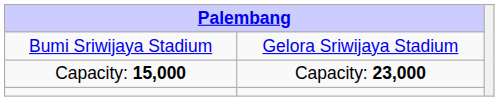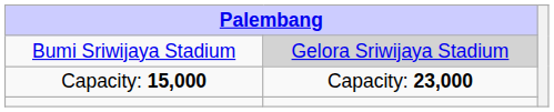 <table class="wikitable" style="text-align:center" width="450px">
 <tr>
 <th colspan=2 style = "background-color:#CCCCFF"> <a href='#'>Palembang</a></th>
 <th rowspan="4" text-align="center"></th>
 </tr>
 <tr>
 <td><a href='#'>Bumi Sriwijaya Stadium</a></td>
-<td><a href='#'>Gelora Sriwijaya Stadium</a></td>
+<td style="background: lightgrey;"><a href='#'>Gelora Sriwijaya Stadium</a></td>
 </tr>
 <tr>
 <td>Capacity: <strong>15,000</strong></td>
 <td>Capacity: <strong>23,000</strong></td>
 </tr>
 <tr>
 <td></td>
 <td></td>
 </tr>
 </table>
